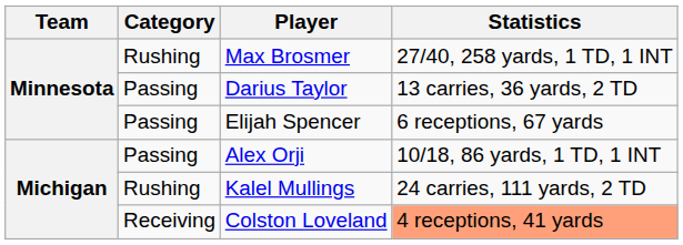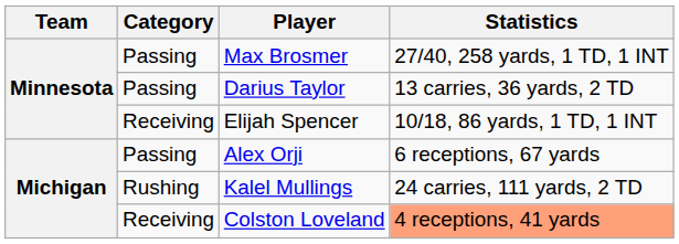 <table class="wikitable" style="float:right">
 <tr>
 <th>Team</th>
 <th>Category</th>
 <th>Player</th>
 <th>Statistics</th>
 </tr>
 <tr>
 <th rowspan=3>Minnesota</th>
-<td>Rushing</td>
+<td>Passing</td>
 <td><a href='#'>Max Brosmer</a></td>
 <td>27/40, 258 yards, 1 TD, 1 INT</td>
 </tr>
 <tr>
 <td>Passing</td>
 <td><a href='#'>Darius Taylor</a></td>
 <td>13 carries, 36 yards, 2 TD</td>
 </tr>
 <tr>
-<td>Passing</td>
+<td>Receiving</td>
 <td>Elijah Spencer</td>
-<td>6 receptions, 67 yards</td>
+<td>10/18, 86 yards, 1 TD, 1 INT</td>
 </tr>
 <tr>
 <th rowspan=3>Michigan</th>
 <td>Passing</td>
 <td><a href='#'>Alex Orji</a></td>
-<td>10/18, 86 yards, 1 TD, 1 INT</td>
+<td>6 receptions, 67 yards</td>
 </tr>
 <tr>
 <td>Rushing</td>
 <td><a href='#'>Kalel Mullings</a></td>
 <td>24 carries, 111 yards, 2 TD</td>
 </tr>
 <tr>
 <td>Receiving</td>
 <td><a href='#'>Colston Loveland</a></td>
 <td style="background: lightsalmon;">4 receptions, 41 yards</td>
 </tr>
 </table>
